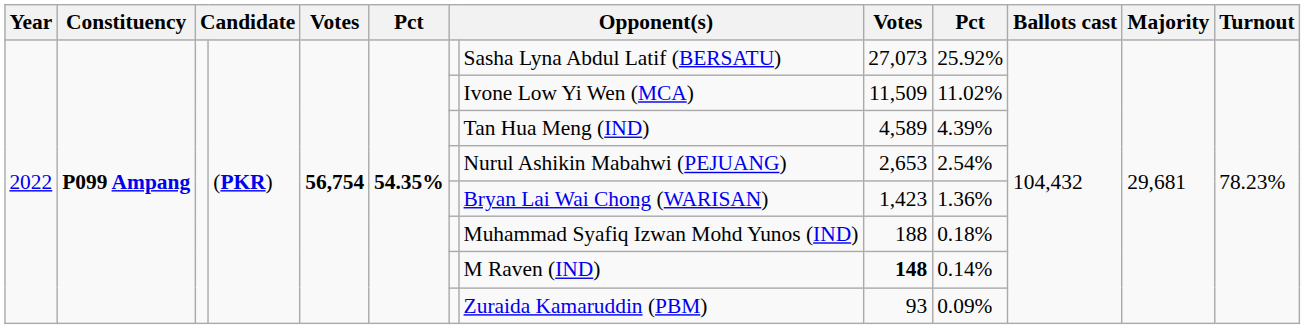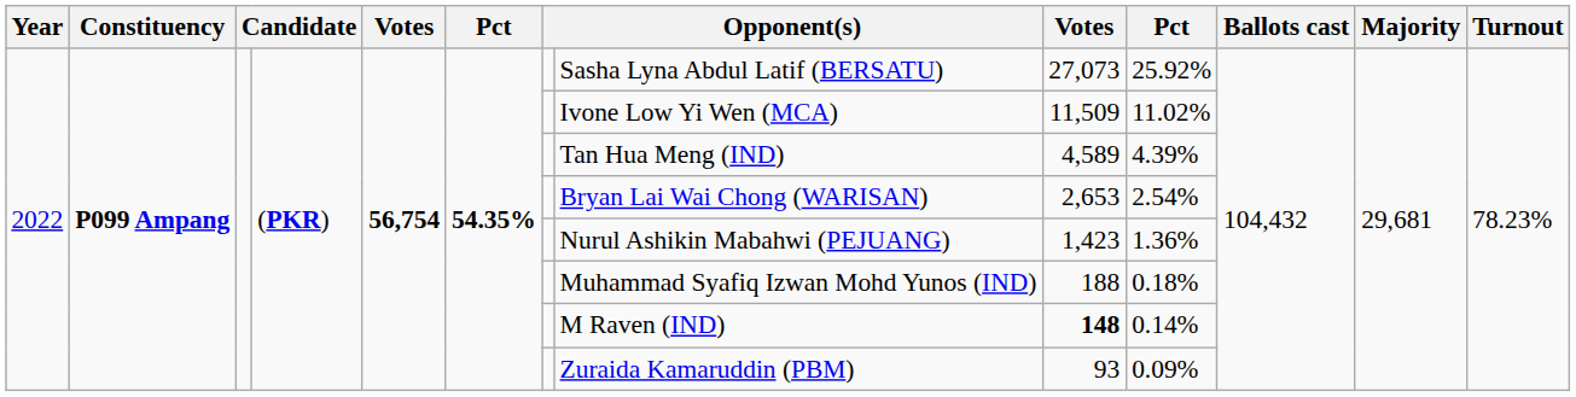 <table class="wikitable" style="margin:0.5em ; font-size:95%">
 <tr>
 <th>Year</th>
 <th>Constituency</th>
 <th colspan=2>Candidate</th>
 <th>Votes</th>
 <th>Pct</th>
 <th colspan=2>Opponent(s)</th>
 <th>Votes</th>
 <th>Pct</th>
 <th>Ballots cast</th>
 <th>Majority</th>
 <th>Turnout</th>
 </tr>
 <tr>
 <td rowspan="8"><a href='#'>2022</a></td>
 <td rowspan="8"><strong>P099 <a href='#'>Ampang</a></strong></td>
 <td rowspan="8" ></td>
 <td rowspan="8"><strong></strong> (<a href='#'><strong>PKR</strong></a>)</td>
 <td rowspan="8" align="right"><strong>56,754</strong></td>
 <td rowspan="8"><strong>54.35%</strong></td>
 <td bgcolor=></td>
 <td>Sasha Lyna Abdul Latif (<a href='#'>BERSATU</a>)</td>
 <td align="right">27,073</td>
 <td>25.92%</td>
 <td rowspan="8">104,432</td>
 <td rowspan="8">29,681</td>
 <td rowspan="8">78.23%</td>
 </tr>
 <tr>
 <td></td>
 <td>Ivone Low Yi Wen (<a href='#'>MCA</a>)</td>
 <td align="right">11,509</td>
 <td>11.02%</td>
 </tr>
 <tr>
 <td></td>
 <td>Tan Hua Meng (<a href='#'>IND</a>)</td>
 <td align="right">4,589</td>
 <td>4.39%</td>
 </tr>
 <tr>
 <td bgcolor=></td>
-<td>Nurul Ashikin Mabahwi (<a href='#'>PEJUANG</a>)</td>
+<td><a href='#'>Bryan Lai Wai Chong</a> (<a href='#'>WARISAN</a>)</td>
 <td align="right">2,653</td>
 <td>2.54%</td>
 </tr>
 <tr>
 <td></td>
-<td><a href='#'>Bryan Lai Wai Chong</a> (<a href='#'>WARISAN</a>)</td>
+<td>Nurul Ashikin Mabahwi (<a href='#'>PEJUANG</a>)</td>
 <td align="right">1,423</td>
 <td>1.36%</td>
 </tr>
 <tr>
 <td></td>
 <td>Muhammad Syafiq Izwan Mohd Yunos (<a href='#'>IND</a>)</td>
 <td align="right">188</td>
 <td>0.18%</td>
 </tr>
 <tr>
 <td></td>
 <td>M Raven (<a href='#'>IND</a>)</td>
 <td align="right"><strong>148</strong></td>
 <td>0.14%</td>
 </tr>
 <tr>
 <td></td>
 <td><a href='#'>Zuraida Kamaruddin</a> (<a href='#'>PBM</a>)</td>
 <td align="right">93</td>
 <td>0.09%</td>
 </tr>
 </table>
